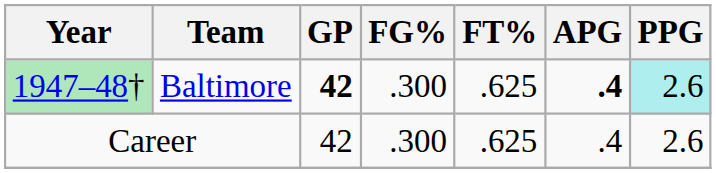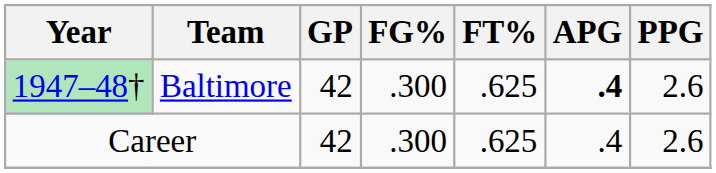 <table class="wikitable sortable" style="font-size:95%; text-align:right;">
 <tr>
 <th>Year</th>
 <th>Team</th>
 <th>GP</th>
 <th>FG%</th>
 <th>FT%</th>
 <th>APG</th>
 <th>PPG</th>
 </tr>
 <tr>
 <td style="text-align:left; background:#afe6ba"><a href='#'>1947–48</a>†</td>
 <td style="text-align:left;"><a href='#'>Baltimore</a></td>
-<td><strong>42</strong></td>
+<td>42</td>
 <td>.300</td>
 <td>.625</td>
 <td><strong>.4</strong></td>
-<td style="background: paleturquoise;">2.6</td>
+<td>2.6</td>
 </tr>
 <tr>
 <td style="text-align:center;" colspan="2">Career</td>
 <td>42</td>
 <td>.300</td>
 <td>.625</td>
 <td>.4</td>
 <td>2.6</td>
 </tr>
 <tr>
 </tr>
 </table>
